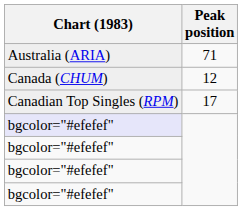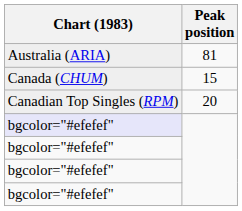 <table class="wikitable sortable plainrowheaders">
 <tr>
 <th>Chart (1983)</th>
 <th>Peak<br>position</th>
 </tr>
 <tr>
 <td bgcolor="#efefef">Australia (<a href='#'>ARIA</a>)</td>
-<td align="center">71</td>
+<td align="center">81</td>
 </tr>
 <tr>
 <td bgcolor="#efefef">Canada (<a href='#'><em>CHUM</em></a>)</td>
-<td align="center">12</td>
+<td align="center">15</td>
 </tr>
 <tr>
 <td bgcolor="#efefef">Canadian Top Singles (<a href='#'><em>RPM</em></a>)</td>
-<td align="center">17</td>
+<td align="center">20</td>
 </tr>
 <tr>
 <td style="background: lavender;">bgcolor="#efefef" </td>
 </tr>
 <tr>
 <td>bgcolor="#efefef" </td>
 </tr>
 <tr>
 <td>bgcolor="#efefef" </td>
 </tr>
 <tr>
 <td>bgcolor="#efefef" </td>
 </tr>
 </table>
